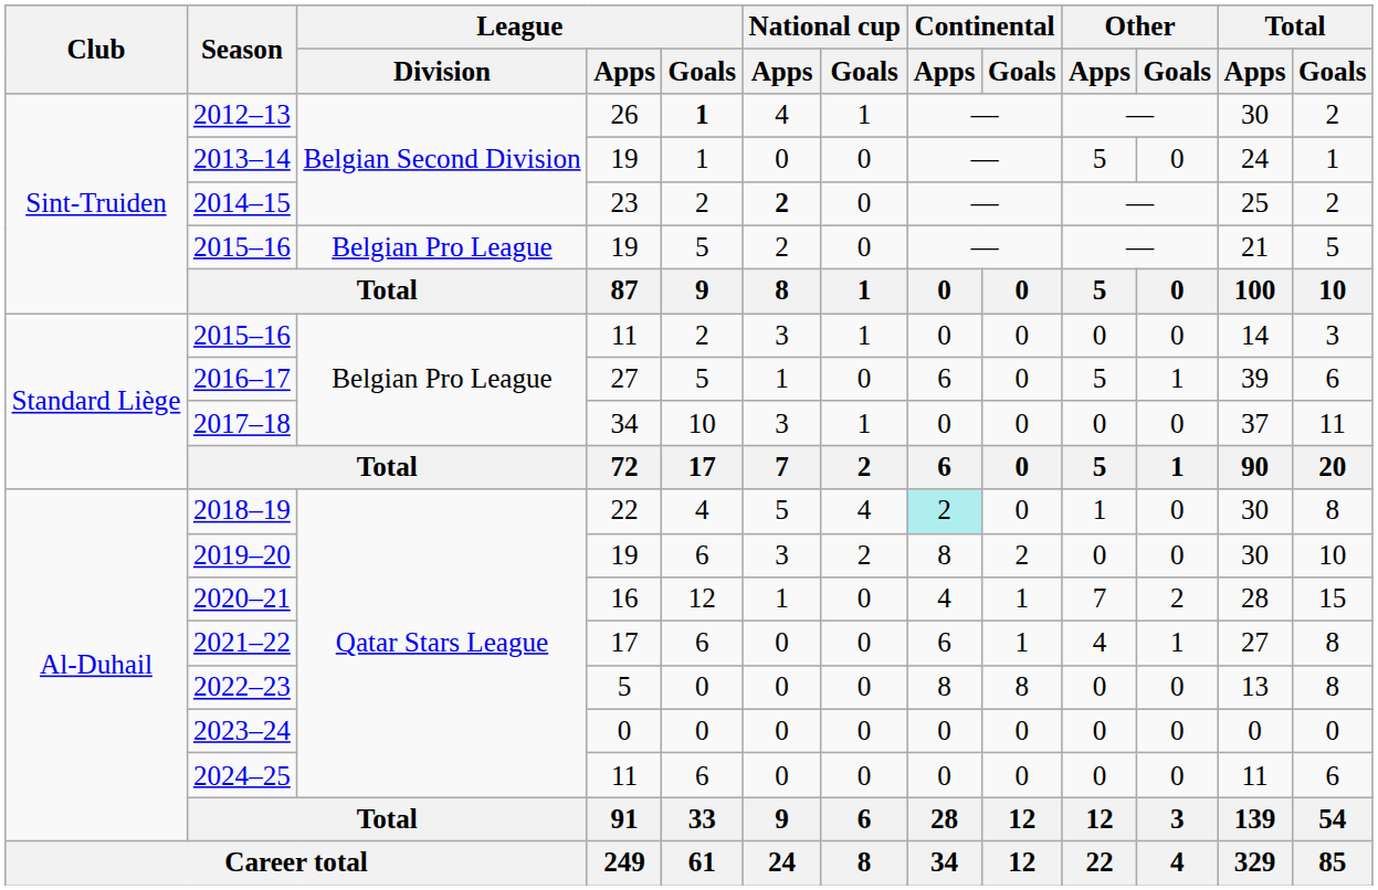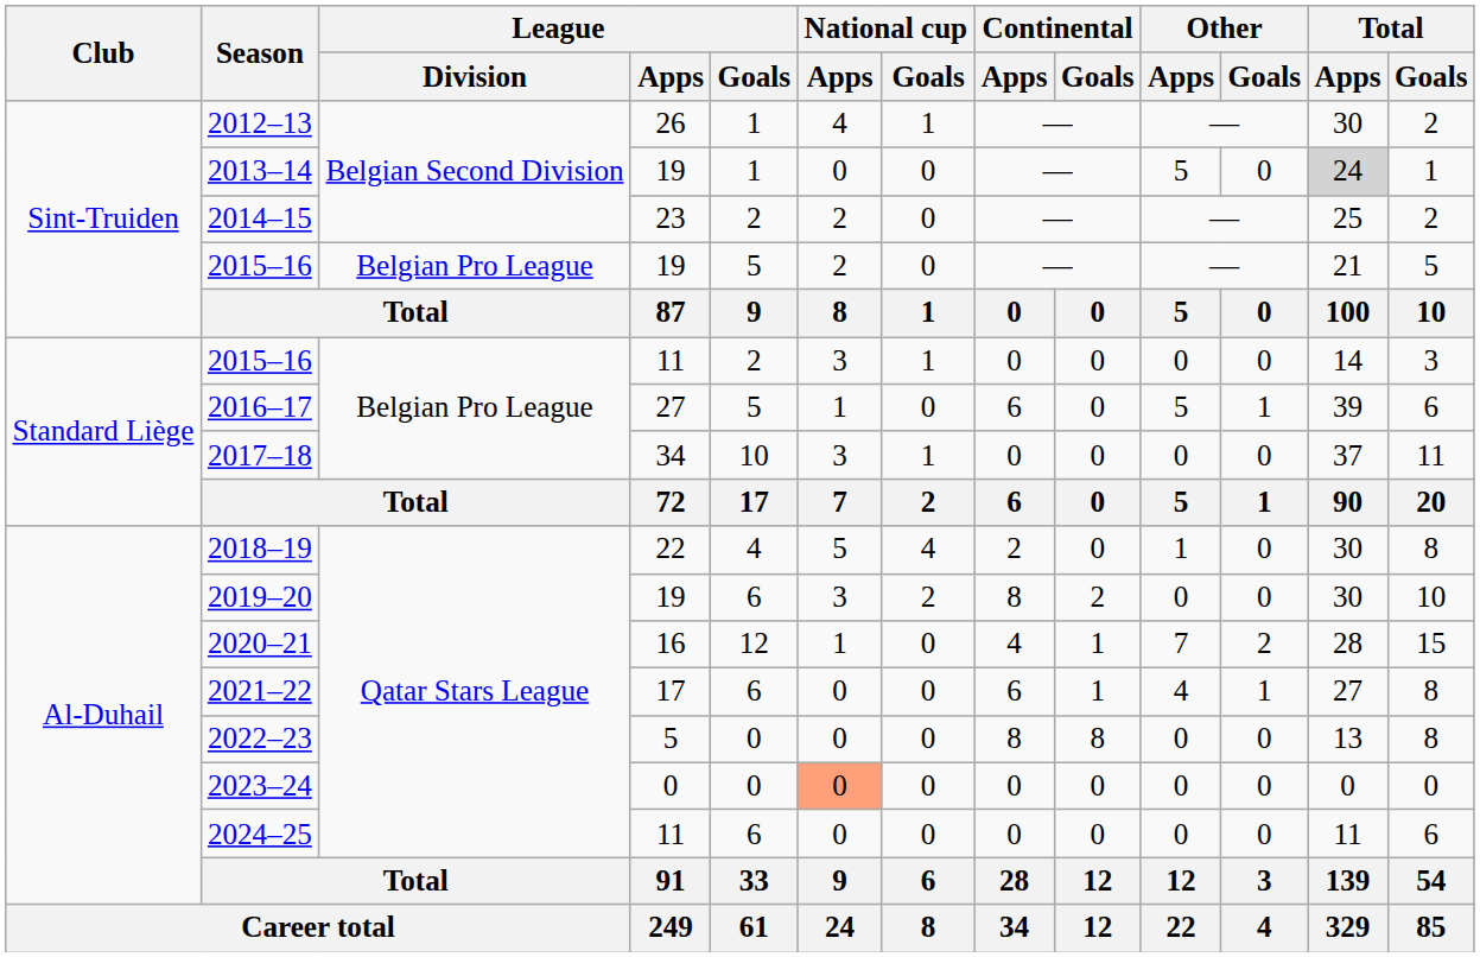 <table class="wikitable" style="text-align: center;">
 <tr>
 <th rowspan="2">Club</th>
 <th rowspan="2">Season</th>
 <th colspan="3">League</th>
 <th colspan="2">National cup</th>
 <th colspan="2">Continental</th>
 <th colspan="2">Other</th>
 <th colspan="2">Total</th>
 </tr>
 <tr>
 <th>Division</th>
 <th>Apps</th>
 <th>Goals</th>
 <th>Apps</th>
 <th>Goals</th>
 <th>Apps</th>
 <th>Goals</th>
 <th>Apps</th>
 <th>Goals</th>
 <th>Apps</th>
 <th>Goals</th>
 </tr>
 <tr>
 <td rowspan="5"><a href='#'>Sint-Truiden</a></td>
 <td><a href='#'>2012–13</a></td>
 <td rowspan="3"><a href='#'>Belgian Second Division</a></td>
 <td>26</td>
-<td><strong>1</strong></td>
+<td>1</td>
 <td>4</td>
 <td>1</td>
 <td colspan="2">—</td>
 <td colspan="2">—</td>
 <td>30</td>
 <td>2</td>
 </tr>
 <tr>
 <td><a href='#'>2013–14</a></td>
 <td>19</td>
 <td>1</td>
 <td>0</td>
 <td>0</td>
 <td colspan="2">—</td>
 <td>5</td>
 <td>0</td>
-<td>24</td>
+<td style="background: lightgrey;">24</td>
 <td>1</td>
 </tr>
 <tr>
 <td><a href='#'>2014–15</a></td>
 <td>23</td>
 <td>2</td>
-<td><strong>2</strong></td>
+<td>2</td>
 <td>0</td>
 <td colspan="2">—</td>
 <td colspan="2">—</td>
 <td>25</td>
 <td>2</td>
 </tr>
 <tr>
 <td><a href='#'>2015–16</a></td>
 <td><a href='#'>Belgian Pro League</a></td>
 <td>19</td>
 <td>5</td>
 <td>2</td>
 <td>0</td>
 <td colspan="2">—</td>
 <td colspan="2">—</td>
 <td>21</td>
 <td>5</td>
 </tr>
 <tr>
 <th colspan="2">Total</th>
 <th>87</th>
 <th>9</th>
 <th>8</th>
 <th>1</th>
 <th>0</th>
 <th>0</th>
 <th>5</th>
 <th>0</th>
 <th>100</th>
 <th>10</th>
 </tr>
 <tr>
 <td rowspan="4"><a href='#'>Standard Liège</a></td>
 <td><a href='#'>2015–16</a></td>
 <td rowspan="3">Belgian Pro League</td>
 <td>11</td>
 <td>2</td>
 <td>3</td>
 <td>1</td>
 <td>0</td>
 <td>0</td>
 <td>0</td>
 <td>0</td>
 <td>14</td>
 <td>3</td>
 </tr>
 <tr>
 <td><a href='#'>2016–17</a></td>
 <td>27</td>
 <td>5</td>
 <td>1</td>
 <td>0</td>
 <td>6</td>
 <td>0</td>
 <td>5</td>
 <td>1</td>
 <td>39</td>
 <td>6</td>
 </tr>
 <tr>
 <td><a href='#'>2017–18</a></td>
 <td>34</td>
 <td>10</td>
 <td>3</td>
 <td>1</td>
 <td>0</td>
 <td>0</td>
 <td>0</td>
 <td>0</td>
 <td>37</td>
 <td>11</td>
 </tr>
 <tr>
 <th colspan="2">Total</th>
 <th>72</th>
 <th>17</th>
 <th>7</th>
 <th>2</th>
 <th>6</th>
 <th>0</th>
 <th>5</th>
 <th>1</th>
 <th>90</th>
 <th>20</th>
 </tr>
 <tr>
 <td rowspan="8"><a href='#'>Al-Duhail</a></td>
 <td><a href='#'>2018–19</a></td>
 <td rowspan="7"><a href='#'>Qatar Stars League</a></td>
 <td>22</td>
 <td>4</td>
 <td>5</td>
 <td>4</td>
-<td style="background: paleturquoise;">2</td>
+<td>2</td>
 <td>0</td>
 <td>1</td>
 <td>0</td>
 <td>30</td>
 <td>8</td>
 </tr>
 <tr>
 <td><a href='#'>2019–20</a></td>
 <td>19</td>
 <td>6</td>
 <td>3</td>
 <td>2</td>
 <td>8</td>
 <td>2</td>
 <td>0</td>
 <td>0</td>
 <td>30</td>
 <td>10</td>
 </tr>
 <tr>
 <td><a href='#'>2020–21</a></td>
 <td>16</td>
 <td>12</td>
 <td>1</td>
 <td>0</td>
 <td>4</td>
 <td>1</td>
 <td>7</td>
 <td>2</td>
 <td>28</td>
 <td>15</td>
 </tr>
 <tr>
 <td><a href='#'>2021–22</a></td>
 <td>17</td>
 <td>6</td>
 <td>0</td>
 <td>0</td>
 <td>6</td>
 <td>1</td>
 <td>4</td>
 <td>1</td>
 <td>27</td>
 <td>8</td>
 </tr>
 <tr>
 <td><a href='#'>2022–23</a></td>
 <td>5</td>
 <td>0</td>
 <td>0</td>
 <td>0</td>
 <td>8</td>
 <td>8</td>
 <td>0</td>
 <td>0</td>
 <td>13</td>
 <td>8</td>
 </tr>
 <tr>
 <td><a href='#'>2023–24</a></td>
 <td>0</td>
 <td>0</td>
-<td>0</td>
+<td style="background: lightsalmon;">0</td>
 <td>0</td>
 <td>0</td>
 <td>0</td>
 <td>0</td>
 <td>0</td>
 <td>0</td>
 <td>0</td>
 </tr>
 <tr>
 <td><a href='#'>2024–25</a></td>
 <td>11</td>
 <td>6</td>
 <td>0</td>
 <td>0</td>
 <td>0</td>
 <td>0</td>
 <td>0</td>
 <td>0</td>
 <td>11</td>
 <td>6</td>
 </tr>
 <tr>
 <th colspan="2">Total</th>
 <th>91</th>
 <th>33</th>
 <th>9</th>
 <th>6</th>
 <th>28</th>
 <th>12</th>
 <th>12</th>
 <th>3</th>
 <th>139</th>
 <th>54</th>
 </tr>
 <tr>
 <th colspan="3">Career total</th>
 <th>249</th>
 <th>61</th>
 <th>24</th>
 <th>8</th>
 <th>34</th>
 <th>12</th>
 <th>22</th>
 <th>4</th>
 <th>329</th>
 <th>85</th>
 </tr>
 </table>
